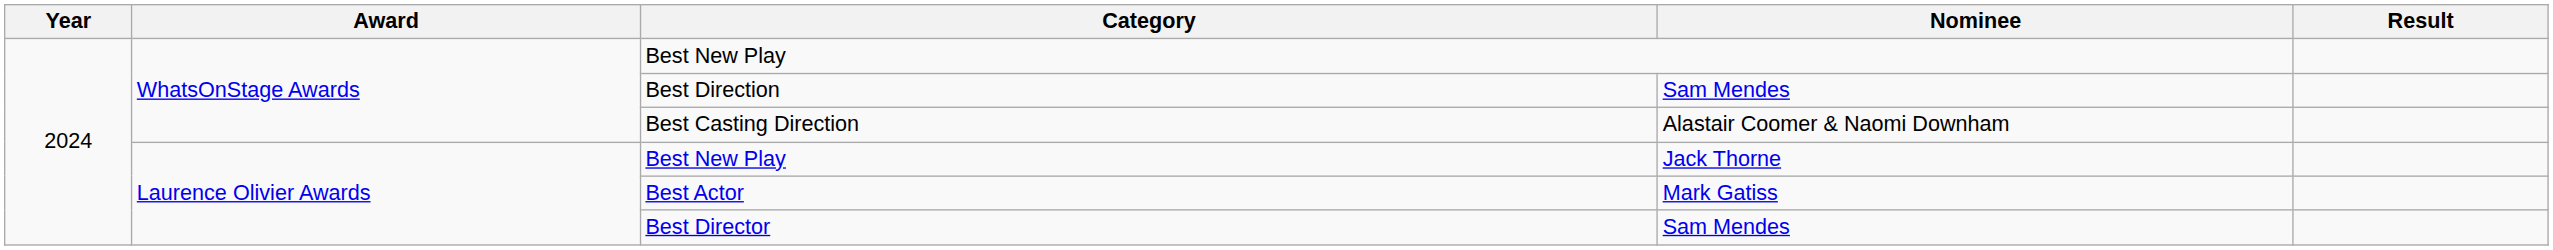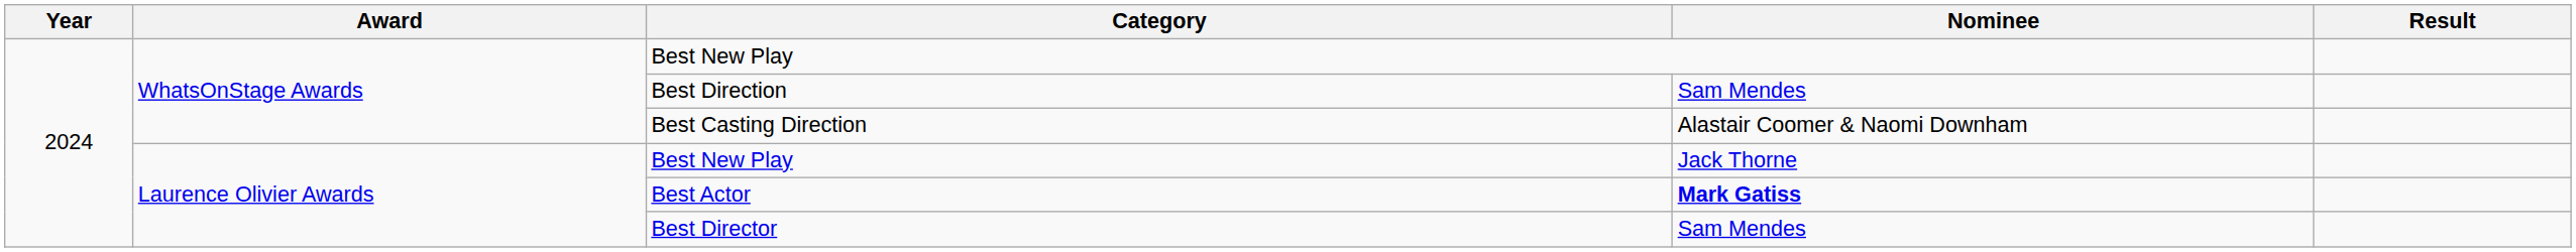 <table class="wikitable" style="width:95%;">
 <tr>
 <th style="width:5%;">Year</th>
 <th style="width:20%;">Award</th>
 <th style="width:40%;">Category</th>
 <th style="width:25%;">Nominee</th>
 <th style="width:10%;">Result</th>
 </tr>
 <tr>
 <td rowspan="6" style="text-align:center;">2024</td>
 <td rowspan="3"><a href='#'>WhatsOnStage Awards</a></td>
 <td colspan="2">Best New Play</td>
 <td></td>
 </tr>
 <tr>
 <td>Best Direction</td>
 <td><a href='#'>Sam Mendes</a></td>
 <td></td>
 </tr>
 <tr>
 <td>Best Casting Direction</td>
 <td>Alastair Coomer & Naomi Downham</td>
 <td></td>
 </tr>
 <tr>
 <td rowspan="3"><a href='#'>Laurence Olivier Awards</a></td>
 <td><a href='#'>Best New Play</a></td>
 <td><a href='#'>Jack Thorne</a></td>
 <td></td>
 </tr>
 <tr>
 <td><a href='#'>Best Actor</a></td>
-<td><a href='#'>Mark Gatiss</a></td>
+<td><strong><a href='#'>Mark Gatiss</a></strong></td>
 <td></td>
 </tr>
 <tr>
 <td><a href='#'>Best Director</a></td>
 <td><a href='#'>Sam Mendes</a></td>
 <td></td>
 </tr>
 </table>
